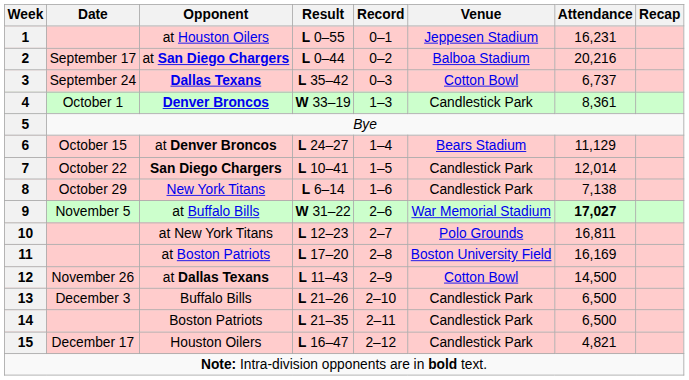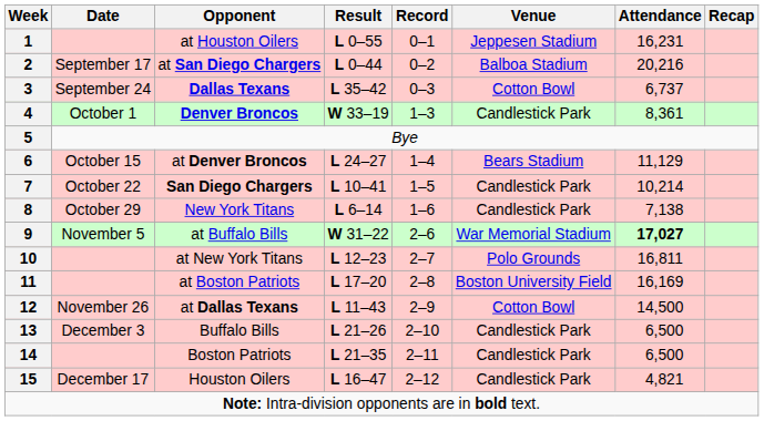 <table class="wikitable" style="text-align:center">
 <tr>
 <th>Week</th>
 <th>Date</th>
 <th>Opponent</th>
 <th>Result</th>
 <th>Record</th>
 <th>Venue</th>
 <th>Attendance</th>
 <th>Recap</th>
 </tr>
 <tr style="background: #fcc;">
 <th>1</th>
 <td></td>
 <td>at <a href='#'>Houston Oilers</a></td>
 <td><strong>L</strong> 0–55</td>
 <td>0–1</td>
 <td><a href='#'>Jeppesen Stadium</a></td>
 <td>16,231</td>
 <td></td>
 </tr>
 <tr style="background: #fcc;">
 <th>2</th>
 <td>September 17</td>
 <td>at <strong><a href='#'>San Diego Chargers</a></strong></td>
 <td><strong>L</strong> 0–44</td>
 <td>0–2</td>
 <td><a href='#'>Balboa Stadium</a></td>
 <td>20,216</td>
 <td></td>
 </tr>
 <tr style="background: #fcc;">
 <th>3</th>
 <td>September 24</td>
 <td><strong><a href='#'>Dallas Texans</a></strong></td>
 <td><strong>L</strong> 35–42</td>
 <td>0–3</td>
 <td><a href='#'>Cotton Bowl</a></td>
 <td>  6,737</td>
 <td></td>
 </tr>
 <tr style="background: #cfc;">
 <th>4</th>
 <td>October 1</td>
 <td><strong><a href='#'>Denver Broncos</a></strong></td>
 <td><strong>W</strong> 33–19</td>
 <td>1–3</td>
 <td>Candlestick Park</td>
 <td>  8,361</td>
 <td></td>
 </tr>
 <tr>
 <th>5</th>
 <td align=center colspan=7><em>Bye</em></td>
 </tr>
 <tr style="background: #fcc;">
 <th>6</th>
 <td>October 15</td>
 <td>at <strong>Denver Broncos</strong></td>
 <td><strong>L</strong> 24–27</td>
 <td>1–4</td>
 <td><a href='#'>Bears Stadium</a></td>
 <td>11,129</td>
 <td></td>
 </tr>
 <tr style="background: #fcc;">
 <th>7</th>
 <td>October 22</td>
 <td><strong>San Diego Chargers</strong></td>
 <td><strong>L</strong> 10–41</td>
 <td>1–5</td>
 <td>Candlestick Park</td>
-<td>12,014</td>
+<td>10,214</td>
 <td></td>
 </tr>
 <tr style="background: #fcc;">
 <th>8</th>
 <td>October 29</td>
 <td><a href='#'>New York Titans</a></td>
 <td><strong>L</strong> 6–14</td>
 <td>1–6</td>
 <td>Candlestick Park</td>
 <td>  7,138</td>
 <td></td>
 </tr>
 <tr style="background: #cfc;">
 <th>9</th>
 <td>November 5</td>
 <td>at <a href='#'>Buffalo Bills</a></td>
 <td><strong>W</strong> 31–22</td>
 <td>2–6</td>
 <td><a href='#'>War Memorial Stadium</a></td>
 <td><strong>17,027</strong></td>
 <td></td>
 </tr>
 <tr style="background: #fcc;">
 <th>10</th>
 <td></td>
 <td>at New York Titans</td>
 <td><strong>L</strong> 12–23</td>
 <td>2–7</td>
 <td><a href='#'>Polo Grounds</a></td>
 <td>16,811</td>
 <td></td>
 </tr>
 <tr style="background: #fcc;">
 <th>11</th>
 <td></td>
 <td>at <a href='#'>Boston Patriots</a></td>
 <td><strong>L</strong> 17–20</td>
 <td>2–8</td>
 <td><a href='#'>Boston University Field</a></td>
 <td>16,169</td>
 <td></td>
 </tr>
 <tr style="background: #fcc;">
 <th>12</th>
 <td>November 26</td>
 <td>at <strong>Dallas Texans</strong></td>
 <td><strong>L</strong> 11–43</td>
 <td>2–9</td>
 <td><a href='#'>Cotton Bowl</a></td>
 <td>14,500</td>
 <td></td>
 </tr>
 <tr style="background: #fcc;">
 <th>13</th>
 <td>December 3</td>
 <td>Buffalo Bills</td>
 <td><strong>L</strong> 21–26</td>
 <td>2–10</td>
 <td>Candlestick Park</td>
 <td>  6,500</td>
 <td></td>
 </tr>
 <tr style="background: #fcc;">
 <th>14</th>
 <td></td>
 <td>Boston Patriots</td>
 <td><strong>L</strong> 21–35</td>
 <td>2–11</td>
 <td>Candlestick Park</td>
 <td>  6,500</td>
 <td></td>
 </tr>
 <tr style="background: #fcc;">
 <th>15</th>
 <td>December 17</td>
 <td>Houston Oilers</td>
 <td><strong>L</strong> 16–47</td>
 <td>2–12</td>
 <td>Candlestick Park</td>
 <td>  4,821</td>
 <td></td>
 </tr>
 <tr>
 <td colspan="8"><strong>Note:</strong> Intra-division opponents are in <strong>bold</strong> text.</td>
 </tr>
 </table>
